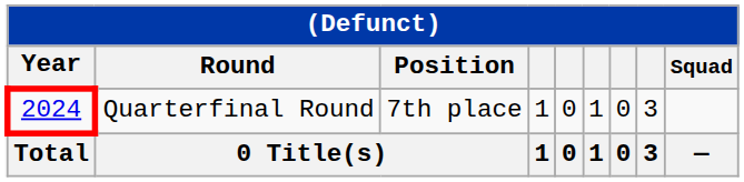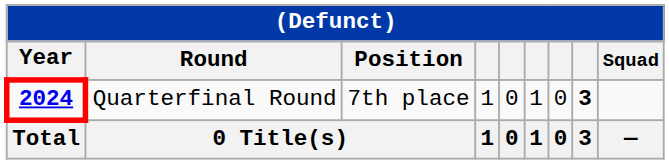 <table class="wikitable collapsible autocollapse" style="text-align: center; font-size:95%;">
 <tr>
 <th colspan=9 style="background:#0038A8; color:#FFFFFF;"><a href='#'></a> (Defunct)</th>
 </tr>
 <tr>
 <th>Year</th>
 <th>Round</th>
 <th>Position</th>
 <th></th>
 <th></th>
 <th></th>
 <th></th>
 <th></th>
 <th><small>Squad</small></th>
 </tr>
 <tr>
-<td style="border: 3px solid red"> <a href='#'>2024</a></td>
+<td style="border: 3px solid red"><strong> <a href='#'>2024</a></strong></td>
 <td>Quarterfinal Round</td>
 <td>7th place</td>
 <td>1</td>
 <td>0</td>
 <td>1</td>
 <td>0</td>
-<td>3</td>
+<td><strong>3</strong></td>
 <td></td>
 </tr>
 <tr>
 <th>Total</th>
 <th colspan="2">0 Title(s)</th>
 <th>1</th>
 <th>0</th>
 <th>1</th>
 <th>0</th>
 <th>3</th>
 <th>—</th>
 </tr>
 </table>
